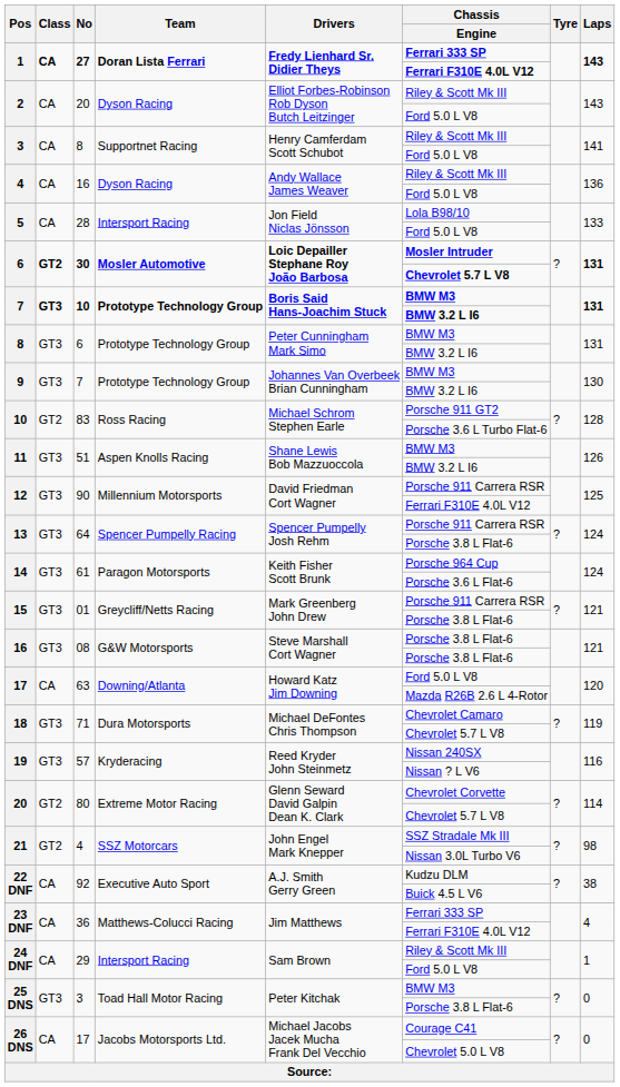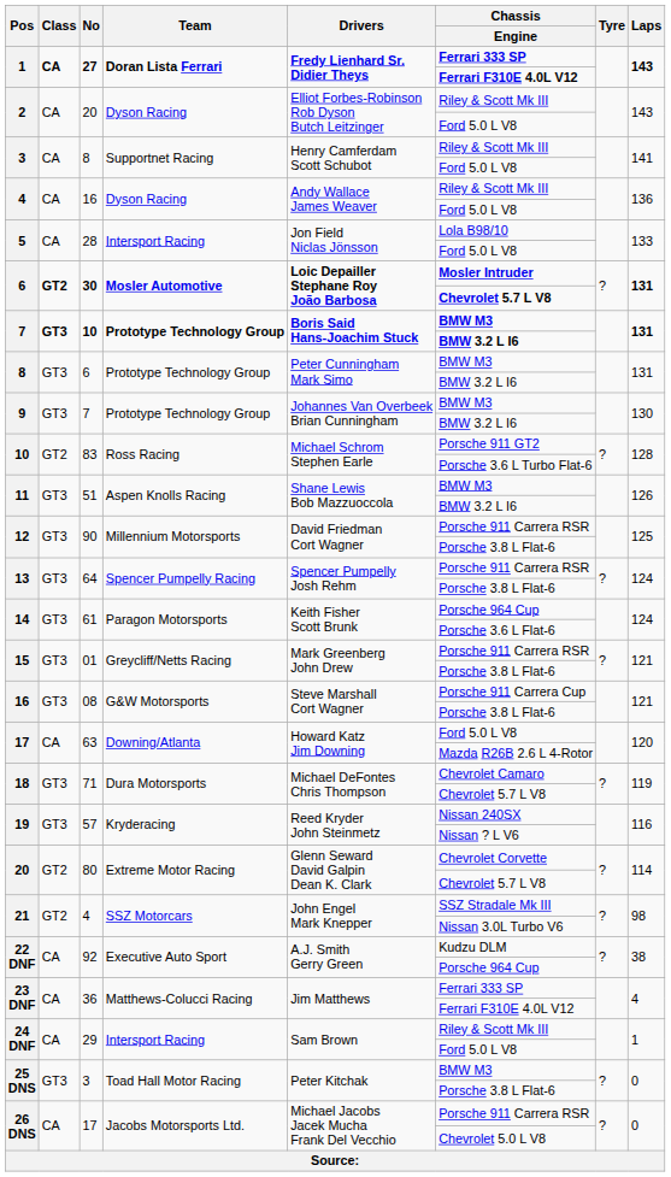 <table class="wikitable" style="font-size: 95%;">
 <tr>
 <th rowspan=2>Pos</th>
 <th rowspan=2>Class</th>
 <th rowspan=2>No</th>
 <th rowspan=2>Team</th>
 <th rowspan=2>Drivers</th>
 <th>Chassis</th>
 <th rowspan=2>Tyre</th>
 <th rowspan=2>Laps</th>
 </tr>
 <tr>
 <th>Engine</th>
 </tr>
 <tr>
 <th rowspan=2>1</th>
 <td rowspan=2><strong>CA</strong></td>
 <td rowspan=2><strong>27</strong></td>
 <td rowspan=2><strong> Doran Lista <a href='#'>Ferrari</a></strong></td>
 <td rowspan=2><strong> <a href='#'>Fredy Lienhard Sr.</a><br> <a href='#'>Didier Theys</a></strong></td>
 <td><strong><a href='#'>Ferrari 333 SP</a></strong></td>
 <td rowspan=2></td>
 <td rowspan=2><strong>143</strong></td>
 </tr>
 <tr>
 <td><strong><a href='#'>Ferrari F310E</a> 4.0L V12</strong></td>
 </tr>
 <tr>
 <th rowspan=2>2</th>
 <td rowspan=2>CA</td>
 <td rowspan=2>20</td>
 <td rowspan=2> <a href='#'>Dyson Racing</a></td>
 <td rowspan=2> <a href='#'>Elliot Forbes-Robinson</a><br> <a href='#'>Rob Dyson</a><br> <a href='#'>Butch Leitzinger</a></td>
 <td><a href='#'>Riley & Scott Mk III</a></td>
 <td rowspan=2></td>
 <td rowspan=2>143</td>
 </tr>
 <tr>
 <td><a href='#'>Ford</a> 5.0 L V8</td>
 </tr>
 <tr>
 <th rowspan=2>3</th>
 <td rowspan=2>CA</td>
 <td rowspan=2>8</td>
 <td rowspan=2> Supportnet Racing</td>
 <td rowspan=2> Henry Camferdam<br> Scott Schubot</td>
 <td><a href='#'>Riley & Scott Mk III</a></td>
 <td rowspan=2></td>
 <td rowspan=2>141</td>
 </tr>
 <tr>
 <td><a href='#'>Ford</a> 5.0 L V8</td>
 </tr>
 <tr>
 <th rowspan=2>4</th>
 <td rowspan=2>CA</td>
 <td rowspan=2>16</td>
 <td rowspan=2> <a href='#'>Dyson Racing</a></td>
 <td rowspan=2> <a href='#'>Andy Wallace</a><br> <a href='#'>James Weaver</a></td>
 <td><a href='#'>Riley & Scott Mk III</a></td>
 <td rowspan=2></td>
 <td rowspan=2>136</td>
 </tr>
 <tr>
 <td><a href='#'>Ford</a> 5.0 L V8</td>
 </tr>
 <tr>
 <th rowspan=2>5</th>
 <td rowspan=2>CA</td>
 <td rowspan=2>28</td>
 <td rowspan=2> <a href='#'>Intersport Racing</a></td>
 <td rowspan=2> Jon Field<br> <a href='#'>Niclas Jönsson</a></td>
 <td><a href='#'>Lola B98/10</a></td>
 <td rowspan=2></td>
 <td rowspan=2>133</td>
 </tr>
 <tr>
 <td><a href='#'>Ford</a> 5.0 L V8</td>
 </tr>
 <tr>
 <th rowspan=2>6</th>
 <td rowspan=2><strong>GT2</strong></td>
 <td rowspan=2><strong>30</strong></td>
 <td rowspan=2><strong> <a href='#'>Mosler Automotive</a></strong></td>
 <td rowspan=2><strong> Loic Depailler<br> Stephane Roy<br> <a href='#'>João Barbosa</a></strong></td>
 <td><strong><a href='#'>Mosler Intruder</a></strong></td>
 <td rowspan=2>?</td>
 <td rowspan=2><strong>131</strong></td>
 </tr>
 <tr>
 <td><strong><a href='#'>Chevrolet</a> 5.7 L V8</strong></td>
 </tr>
 <tr>
 <th rowspan=2>7</th>
 <td rowspan=2><strong>GT3</strong></td>
 <td rowspan=2><strong>10</strong></td>
 <td rowspan=2><strong> Prototype Technology Group</strong></td>
 <td rowspan=2><strong> <a href='#'>Boris Said</a><br> <a href='#'>Hans-Joachim Stuck</a></strong></td>
 <td><a href='#'><strong>BMW M3</strong></a></td>
 <td rowspan=2></td>
 <td rowspan=2><strong>131</strong></td>
 </tr>
 <tr>
 <td><strong><a href='#'>BMW</a> 3.2 L I6</strong></td>
 </tr>
 <tr>
 <th rowspan=2>8</th>
 <td rowspan=2>GT3</td>
 <td rowspan=2>6</td>
 <td rowspan=2> Prototype Technology Group</td>
 <td rowspan=2> <a href='#'>Peter Cunningham</a><br> <a href='#'>Mark Simo</a></td>
 <td><a href='#'>BMW M3</a></td>
 <td rowspan=2></td>
 <td rowspan=2>131</td>
 </tr>
 <tr>
 <td><a href='#'>BMW</a> 3.2 L I6</td>
 </tr>
 <tr>
 <th rowspan=2>9</th>
 <td rowspan=2>GT3</td>
 <td rowspan=2>7</td>
 <td rowspan=2> Prototype Technology Group</td>
 <td rowspan=2> <a href='#'>Johannes Van Overbeek</a><br> Brian Cunningham</td>
 <td><a href='#'>BMW M3</a></td>
 <td rowspan=2></td>
 <td rowspan=2>130</td>
 </tr>
 <tr>
 <td><a href='#'>BMW</a> 3.2 L I6</td>
 </tr>
 <tr>
 <th rowspan=2>10</th>
 <td rowspan=2>GT2</td>
 <td rowspan=2>83</td>
 <td rowspan=2> Ross Racing</td>
 <td rowspan=2> <a href='#'>Michael Schrom</a><br> Stephen Earle</td>
 <td><a href='#'>Porsche 911 GT2</a></td>
 <td rowspan=2>?</td>
 <td rowspan=2>128</td>
 </tr>
 <tr>
 <td><a href='#'>Porsche</a> 3.6 L Turbo Flat-6</td>
 </tr>
 <tr>
 <th rowspan=2>11</th>
 <td rowspan=2>GT3</td>
 <td rowspan=2>51</td>
 <td rowspan=2> Aspen Knolls Racing</td>
 <td rowspan=2> <a href='#'>Shane Lewis</a><br> Bob Mazzuoccola</td>
 <td><a href='#'>BMW M3</a></td>
 <td rowspan=2></td>
 <td rowspan=2>126</td>
 </tr>
 <tr>
 <td><a href='#'>BMW</a> 3.2 L I6</td>
 </tr>
 <tr>
 <th rowspan=2>12</th>
 <td rowspan=2>GT3</td>
 <td rowspan=2>90</td>
 <td rowspan=2> Millennium Motorsports</td>
 <td rowspan=2> David Friedman<br> Cort Wagner</td>
 <td><a href='#'>Porsche 911</a> Carrera RSR</td>
 <td rowspan=2></td>
 <td rowspan=2>125</td>
 </tr>
 <tr>
-<td><a href='#'>Ferrari F310E</a> 4.0L V12</td>
+<td><a href='#'>Porsche</a> 3.8 L Flat-6</td>
 </tr>
 <tr>
 <th rowspan=2>13</th>
 <td rowspan=2>GT3</td>
 <td rowspan=2>64</td>
 <td rowspan=2> <a href='#'>Spencer Pumpelly Racing</a></td>
 <td rowspan=2> <a href='#'>Spencer Pumpelly</a><br> Josh Rehm</td>
 <td><a href='#'>Porsche 911</a> Carrera RSR</td>
 <td rowspan=2>?</td>
 <td rowspan=2>124</td>
 </tr>
 <tr>
 <td><a href='#'>Porsche</a> 3.8 L Flat-6</td>
 </tr>
 <tr>
 <th rowspan=2>14</th>
 <td rowspan=2>GT3</td>
 <td rowspan=2>61</td>
 <td rowspan=2> Paragon Motorsports</td>
 <td rowspan=2> Keith Fisher<br> Scott Brunk</td>
 <td><a href='#'>Porsche 964 Cup</a></td>
 <td rowspan=2></td>
 <td rowspan=2>124</td>
 </tr>
 <tr>
 <td><a href='#'>Porsche</a> 3.6 L Flat-6</td>
 </tr>
 <tr>
 <th rowspan=2>15</th>
 <td rowspan=2>GT3</td>
 <td rowspan=2>01</td>
 <td rowspan=2> Greycliff/Netts Racing</td>
 <td rowspan=2> Mark Greenberg<br> John Drew</td>
 <td><a href='#'>Porsche 911</a> Carrera RSR</td>
 <td rowspan=2>?</td>
 <td rowspan=2>121</td>
 </tr>
 <tr>
 <td><a href='#'>Porsche</a> 3.8 L Flat-6</td>
 </tr>
 <tr>
 <th rowspan=2>16</th>
 <td rowspan=2>GT3</td>
 <td rowspan=2>08</td>
 <td rowspan=2> G&W Motorsports</td>
 <td rowspan=2> Steve Marshall<br> Cort Wagner</td>
-<td><a href='#'>Porsche</a> 3.8 L Flat-6</td>
+<td><a href='#'>Porsche 911</a> Carrera Cup</td>
 <td rowspan=2></td>
 <td rowspan=2>121</td>
 </tr>
 <tr>
 <td><a href='#'>Porsche</a> 3.8 L Flat-6</td>
 </tr>
 <tr>
 <th rowspan=2>17</th>
 <td rowspan=2>CA</td>
 <td rowspan=2>63</td>
 <td rowspan=2> <a href='#'>Downing/Atlanta</a></td>
 <td rowspan=2> Howard Katz<br> <a href='#'>Jim Downing</a></td>
 <td><a href='#'>Ford</a> 5.0 L V8</td>
 <td rowspan=2></td>
 <td rowspan=2>120</td>
 </tr>
 <tr>
 <td><a href='#'>Mazda</a> <a href='#'>R26B</a> 2.6 L 4-Rotor</td>
 </tr>
 <tr>
 <th rowspan=2>18</th>
 <td rowspan=2>GT3</td>
 <td rowspan=2>71</td>
 <td rowspan=2> Dura Motorsports</td>
 <td rowspan=2> Michael DeFontes<br> Chris Thompson</td>
 <td><a href='#'>Chevrolet Camaro</a></td>
 <td rowspan=2>?</td>
 <td rowspan=2>119</td>
 </tr>
 <tr>
 <td><a href='#'>Chevrolet</a> 5.7 L V8</td>
 </tr>
 <tr>
 <th rowspan=2>19</th>
 <td rowspan=2>GT3</td>
 <td rowspan=2>57</td>
 <td rowspan=2> Kryderacing</td>
 <td rowspan=2> Reed Kryder<br> John Steinmetz</td>
 <td><a href='#'>Nissan 240SX</a></td>
 <td rowspan=2></td>
 <td rowspan=2>116</td>
 </tr>
 <tr>
 <td><a href='#'>Nissan</a> ? L V6</td>
 </tr>
 <tr>
 <th rowspan=2>20</th>
 <td rowspan=2>GT2</td>
 <td rowspan=2>80</td>
 <td rowspan=2> Extreme Motor Racing</td>
 <td rowspan=2> Glenn Seward<br> David Galpin <br> Dean K. Clark</td>
 <td><a href='#'>Chevrolet Corvette</a></td>
 <td rowspan=2>?</td>
 <td rowspan=2>114</td>
 </tr>
 <tr>
 <td><a href='#'>Chevrolet</a> 5.7 L V8</td>
 </tr>
 <tr>
 <th rowspan=2>21</th>
 <td rowspan=2>GT2</td>
 <td rowspan=2>4</td>
 <td rowspan=2> <a href='#'>SSZ Motorcars</a></td>
 <td rowspan=2> John Engel<br> Mark Knepper</td>
 <td><a href='#'>SSZ Stradale Mk III</a></td>
 <td rowspan=2>?</td>
 <td rowspan=2>98</td>
 </tr>
 <tr>
 <td><a href='#'>Nissan</a> 3.0L Turbo V6</td>
 </tr>
 <tr>
 <th rowspan="2">22<br>DNF</th>
 <td rowspan="2">CA</td>
 <td rowspan="2">92</td>
 <td rowspan="2"> Executive Auto Sport</td>
 <td rowspan="2"> A.J. Smith<br> Gerry Green</td>
 <td>Kudzu DLM</td>
 <td rowspan="2">?</td>
 <td rowspan="2">38</td>
 </tr>
 <tr>
-<td><a href='#'>Buick</a> 4.5 L V6</td>
+<td><a href='#'>Porsche 964 Cup</a></td>
 </tr>
 <tr>
 <th rowspan="2">23<br>DNF</th>
 <td rowspan="2">CA</td>
 <td rowspan="2">36</td>
 <td rowspan="2"> Matthews-Colucci Racing</td>
 <td rowspan="2"> Jim Matthews</td>
 <td><a href='#'>Ferrari 333 SP</a></td>
 <td rowspan="2"></td>
 <td rowspan="2">4</td>
 </tr>
 <tr>
 <td><a href='#'>Ferrari F310E</a> 4.0L V12</td>
 </tr>
 <tr>
 <th rowspan="2">24<br>DNF</th>
 <td rowspan="2">CA</td>
 <td rowspan="2">29</td>
 <td rowspan="2"> <a href='#'>Intersport Racing</a></td>
 <td rowspan="2"> Sam Brown</td>
 <td><a href='#'>Riley & Scott Mk III</a></td>
 <td rowspan="2"></td>
 <td rowspan="2">1</td>
 </tr>
 <tr>
 <td><a href='#'>Ford</a> 5.0 L V8</td>
 </tr>
 <tr>
 <th rowspan="2">25<br>DNS</th>
 <td rowspan="2">GT3</td>
 <td rowspan="2">3</td>
 <td rowspan="2"> Toad Hall Motor Racing</td>
 <td rowspan="2"> Peter Kitchak</td>
 <td><a href='#'>BMW M3</a></td>
 <td rowspan="2">?</td>
 <td rowspan="2">0</td>
 </tr>
 <tr>
 <td><a href='#'>Porsche</a> 3.8 L Flat-6</td>
 </tr>
 <tr>
 <th rowspan="2">26<br>DNS</th>
 <td rowspan="2">CA</td>
 <td rowspan="2">17</td>
 <td rowspan="2"> Jacobs Motorsports Ltd.</td>
 <td rowspan="2"> Michael Jacobs<br> Jacek Mucha <br> Frank Del Vecchio</td>
-<td><a href='#'>Courage C41</a></td>
+<td><a href='#'>Porsche 911</a> Carrera RSR</td>
 <td rowspan="2">?</td>
 <td rowspan="2">0</td>
 </tr>
 <tr>
 <td><a href='#'>Chevrolet</a> 5.0 L V8</td>
 </tr>
 <tr>
 <th colspan="8">Source:</th>
 </tr>
 </table>
